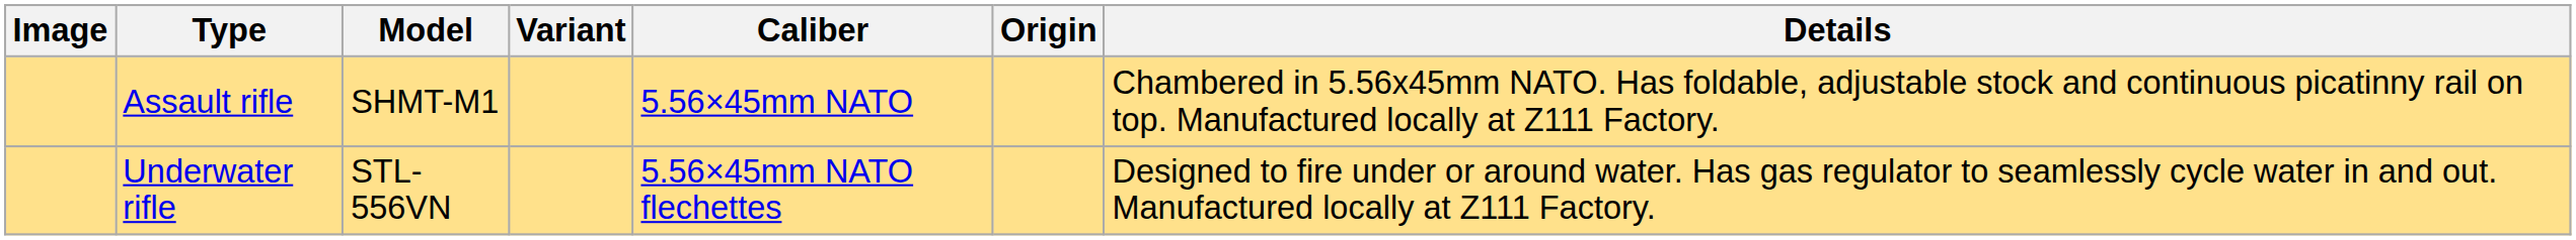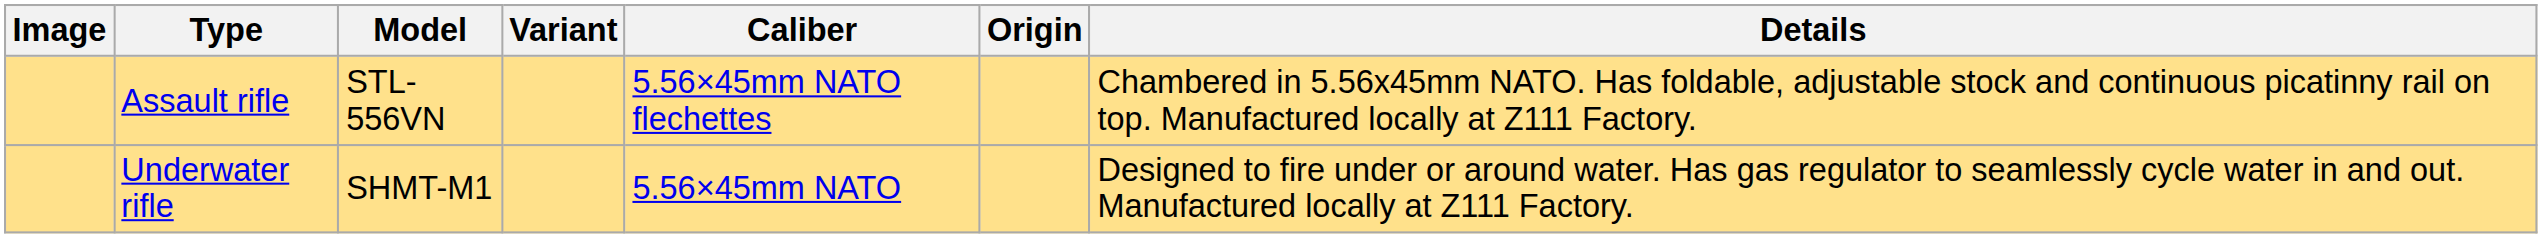 <table class="wikitable">
 <tr>
 <th>Image</th>
 <th>Type</th>
 <th>Model</th>
 <th>Variant</th>
 <th>Caliber</th>
 <th>Origin</th>
 <th>Details</th>
 </tr>
 <tr>
 <td style="background: #FFE18B"></td>
 <td style="background: #FFE18B"><a href='#'>Assault rifle</a></td>
-<td style="background: #FFE18B">SHMT-M1</td>
+<td style="background: #FFE18B">STL-556VN</td>
 <td style="background: #FFE18B"></td>
-<td style="background: #FFE18B"><a href='#'>5.56×45mm NATO</a></td>
+<td style="background: #FFE18B"><a href='#'>5.56×45mm NATO flechettes</a></td>
 <td style="background: #FFE18B"></td>
 <td style="background: #FFE18B">Chambered in 5.56x45mm NATO. Has foldable, adjustable stock and continuous picatinny rail on top. Manufactured locally at Z111 Factory.</td>
 </tr>
 <tr>
 <td style="background: #FFE18B"></td>
 <td style="background: #FFE18B"><a href='#'>Underwater rifle</a></td>
-<td style="background: #FFE18B">STL-556VN</td>
+<td style="background: #FFE18B">SHMT-M1</td>
 <td style="background: #FFE18B"></td>
-<td style="background: #FFE18B"><a href='#'>5.56×45mm NATO flechettes</a></td>
+<td style="background: #FFE18B"><a href='#'>5.56×45mm NATO</a></td>
 <td style="background: #FFE18B"></td>
 <td style="background: #FFE18B">Designed to fire under or around water. Has gas regulator to seamlessly cycle water in and out. Manufactured locally at Z111 Factory.</td>
 </tr>
 </table>
